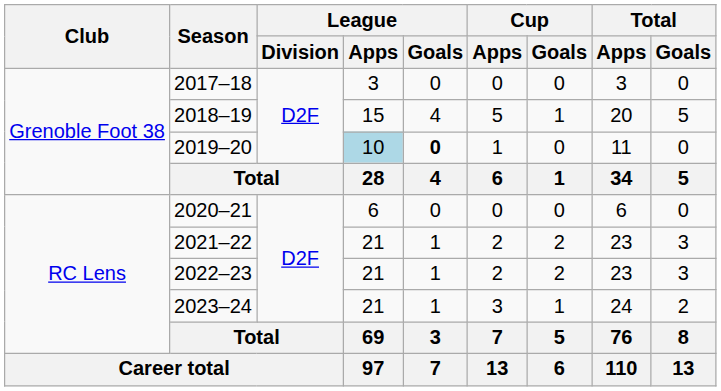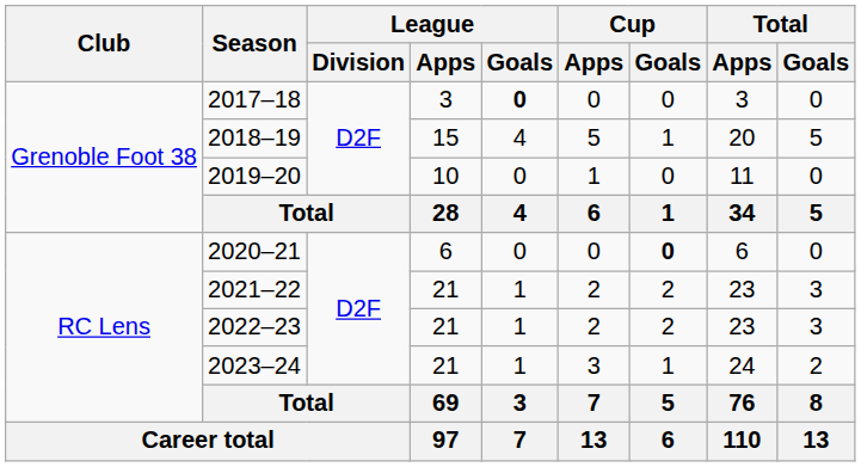 <table class="wikitable" style="text-align:center">
 <tr>
 <th rowspan="2">Club</th>
 <th rowspan="2">Season</th>
 <th colspan="3">League</th>
 <th colspan="2">Cup</th>
 <th colspan="2">Total</th>
 </tr>
 <tr>
 <th>Division</th>
 <th>Apps</th>
 <th>Goals</th>
 <th>Apps</th>
 <th>Goals</th>
 <th>Apps</th>
 <th>Goals</th>
 </tr>
 <tr>
 <td rowspan="4"><a href='#'>Grenoble Foot 38</a></td>
 <td>2017–18</td>
 <td rowspan=3><a href='#'>D2F</a></td>
 <td>3</td>
-<td>0</td>
+<td><strong>0</strong></td>
 <td>0</td>
 <td>0</td>
 <td>3</td>
 <td>0</td>
 </tr>
 <tr>
 <td>2018–19</td>
 <td>15</td>
 <td>4</td>
 <td>5</td>
 <td>1</td>
 <td>20</td>
 <td>5</td>
 </tr>
 <tr>
 <td>2019–20</td>
-<td style="background: lightblue;">10</td>
-<td><strong>0</strong></td>
+<td>10</td>
+<td>0</td>
 <td>1</td>
 <td>0</td>
 <td>11</td>
 <td>0</td>
 </tr>
 <tr>
 <th colspan="2">Total</th>
 <th>28</th>
 <th>4</th>
 <th>6</th>
 <th>1</th>
 <th>34</th>
 <th>5</th>
 </tr>
 <tr>
 <td rowspan="5"><a href='#'>RC Lens</a></td>
 <td>2020–21</td>
 <td rowspan=4><a href='#'>D2F</a></td>
 <td>6</td>
 <td>0</td>
 <td>0</td>
-<td>0</td>
+<td><strong>0</strong></td>
 <td>6</td>
 <td>0</td>
 </tr>
 <tr>
 <td>2021–22</td>
 <td>21</td>
 <td>1</td>
 <td>2</td>
 <td>2</td>
 <td>23</td>
 <td>3</td>
 </tr>
 <tr>
 <td>2022–23</td>
 <td>21</td>
 <td>1</td>
 <td>2</td>
 <td>2</td>
 <td>23</td>
 <td>3</td>
 </tr>
 <tr>
 <td>2023–24</td>
 <td>21</td>
 <td>1</td>
 <td>3</td>
 <td>1</td>
 <td>24</td>
 <td>2</td>
 </tr>
 <tr>
 <th colspan="2">Total</th>
 <th>69</th>
 <th>3</th>
 <th>7</th>
 <th>5</th>
 <th>76</th>
 <th>8</th>
 </tr>
 <tr>
 <th colspan="3">Career total</th>
 <th>97</th>
 <th>7</th>
 <th>13</th>
 <th>6</th>
 <th>110</th>
 <th>13</th>
 </tr>
 </table>
